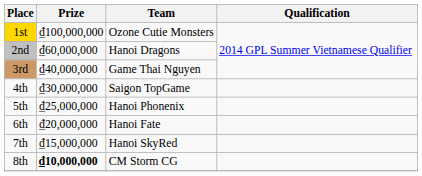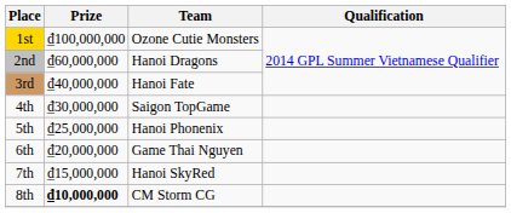 <table class="wikitable" style="text-align:left">
 <tr>
 <th style="text-align:center"><strong>Place</strong></th>
 <th style="text-align:center"><strong>Prize</strong></th>
 <th style="text-align:center"><strong>Team</strong></th>
 <th style="text-align:center"><strong>Qualification</strong></th>
 </tr>
 <tr>
 <td style="text-align:center; background:gold;">1st</td>
 <td>₫100,000,000</td>
 <td>Ozone Cutie Monsters</td>
 <td style="text-align:center" rowspan="3"><a href='#'>2014 GPL Summer Vietnamese Qualifier</a>	⁠</td>
 </tr>
 <tr>
 <td style="text-align:center; background:silver;">2nd</td>
 <td>₫60,000,000</td>
 <td>Hanoi Dragons</td>
 </tr>
 <tr>
 <td style="text-align:center; background:#c96;">3rd</td>
 <td>₫40,000,000</td>
-<td>Game Thai Nguyen</td>
+<td>Hanoi Fate</td>
 </tr>
 <tr>
 <td style="text-align:center">4th</td>
 <td>₫30,000,000</td>
 <td>Saigon TopGame</td>
 <td style="text-align:center"></td>
 </tr>
 <tr>
 <td style="text-align:center">5th</td>
 <td>₫25,000,000</td>
 <td>Hanoi Phonenix</td>
 <td style="text-align:center"></td>
 </tr>
 <tr>
 <td style="text-align:center">6th</td>
 <td>₫20,000,000</td>
-<td>Hanoi Fate</td>
+<td>Game Thai Nguyen</td>
 <td style="text-align:center">⁠</td>
 </tr>
 <tr>
 <td style="text-align:center">7th</td>
 <td>₫15,000,000</td>
 <td>Hanoi SkyRed</td>
 <td style="text-align:center">⁠</td>
 </tr>
 <tr>
 <td style="text-align:center">8th</td>
 <td><strong>₫10,000,000</strong></td>
 <td>CM Storm CG</td>
 <td style="text-align:center">⁠</td>
 </tr>
 <tr>
 </tr>
 </table>
